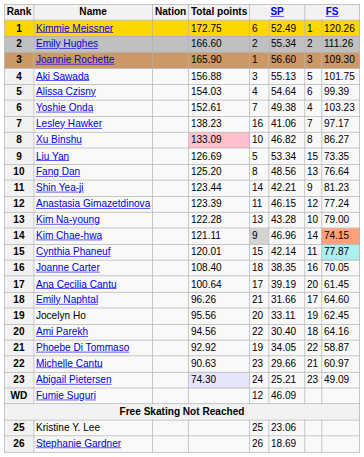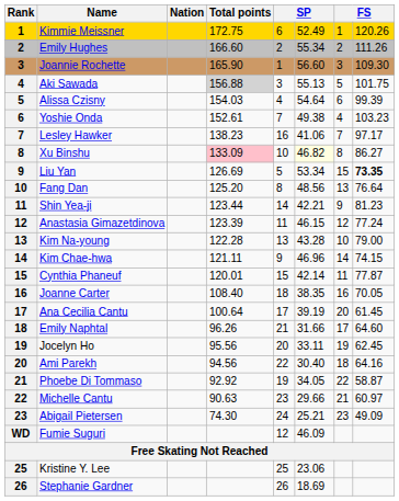 <table class="wikitable">
 <tr>
 <th>Rank</th>
 <th>Name</th>
 <th>Nation</th>
 <th>Total points</th>
 <th colspan="2" width="80px"><a href='#'>SP</a></th>
 <th colspan="2" width="80px"><a href='#'>FS</a></th>
 </tr>
 <tr bgcolor="gold">
 <td align="center"><strong>1</strong></td>
 <td><a href='#'>Kimmie Meissner</a></td>
 <td></td>
 <td>172.75</td>
 <td>6</td>
 <td>52.49</td>
 <td>1</td>
 <td>120.26</td>
 </tr>
 <tr bgcolor="silver">
 <td align="center"><strong>2</strong></td>
 <td><a href='#'>Emily Hughes</a></td>
 <td></td>
 <td>166.60</td>
 <td>2</td>
 <td>55.34</td>
 <td>2</td>
 <td>111.26</td>
 </tr>
 <tr bgcolor="cc9966">
 <td align="center"><strong>3</strong></td>
 <td><a href='#'>Joannie Rochette</a></td>
 <td></td>
 <td>165.90</td>
 <td>1</td>
 <td>56.60</td>
 <td>3</td>
 <td>109.30</td>
 </tr>
 <tr>
 <th>4</th>
 <td><a href='#'>Aki Sawada</a></td>
 <td></td>
-<td>156.88</td>
+<td style="background: lightgrey;">156.88</td>
 <td>3</td>
 <td>55.13</td>
 <td>5</td>
 <td>101.75</td>
 </tr>
 <tr>
 <th>5</th>
 <td><a href='#'>Alissa Czisny</a></td>
 <td></td>
 <td>154.03</td>
 <td>4</td>
 <td>54.64</td>
 <td>6</td>
 <td>99.39</td>
 </tr>
 <tr>
 <th>6</th>
 <td><a href='#'>Yoshie Onda</a></td>
 <td></td>
 <td>152.61</td>
 <td>7</td>
 <td>49.38</td>
 <td>4</td>
 <td>103.23</td>
 </tr>
 <tr>
 <th>7</th>
 <td><a href='#'>Lesley Hawker</a></td>
 <td></td>
 <td>138.23</td>
 <td>16</td>
 <td>41.06</td>
 <td>7</td>
 <td>97.17</td>
 </tr>
 <tr>
 <th>8</th>
 <td><a href='#'>Xu Binshu</a></td>
 <td></td>
 <td style="background: pink;">133.09</td>
 <td>10</td>
-<td>46.82</td>
+<td style="background: lightyellow;">46.82</td>
 <td>8</td>
 <td>86.27</td>
 </tr>
 <tr>
 <th>9</th>
 <td><a href='#'>Liu Yan</a></td>
 <td></td>
 <td>126.69</td>
 <td>5</td>
 <td>53.34</td>
 <td>15</td>
-<td>73.35</td>
+<td><strong>73.35</strong></td>
 </tr>
 <tr>
 <th>10</th>
 <td><a href='#'>Fang Dan</a></td>
 <td></td>
 <td>125.20</td>
 <td>8</td>
 <td>48.56</td>
 <td>13</td>
 <td>76.64</td>
 </tr>
 <tr>
 <th>11</th>
 <td><a href='#'>Shin Yea-ji</a></td>
 <td></td>
 <td>123.44</td>
 <td>14</td>
 <td>42.21</td>
 <td>9</td>
 <td>81.23</td>
 </tr>
 <tr>
 <th>12</th>
 <td><a href='#'>Anastasia Gimazetdinova</a></td>
 <td></td>
 <td>123.39</td>
 <td>11</td>
 <td>46.15</td>
 <td>12</td>
 <td>77.24</td>
 </tr>
 <tr>
 <th>13</th>
 <td><a href='#'>Kim Na-young</a></td>
 <td></td>
 <td>122.28</td>
 <td>13</td>
 <td>43.28</td>
 <td>10</td>
 <td>79.00</td>
 </tr>
 <tr>
 <th>14</th>
 <td><a href='#'>Kim Chae-hwa</a></td>
 <td></td>
 <td>121.11</td>
-<td style="background: lightgrey;">9</td>
+<td>9</td>
 <td>46.96</td>
 <td>14</td>
-<td style="background: lightsalmon;">74.15</td>
+<td>74.15</td>
 </tr>
 <tr>
 <th>15</th>
 <td><a href='#'>Cynthia Phaneuf</a></td>
 <td></td>
 <td>120.01</td>
 <td>15</td>
 <td>42.14</td>
 <td>11</td>
-<td style="background: paleturquoise;">77.87</td>
+<td>77.87</td>
 </tr>
 <tr>
 <th>16</th>
 <td><a href='#'>Joanne Carter</a></td>
 <td></td>
 <td>108.40</td>
 <td>18</td>
 <td>38.35</td>
 <td>16</td>
 <td>70.05</td>
 </tr>
 <tr>
 <th>17</th>
 <td><a href='#'>Ana Cecilia Cantu</a></td>
 <td></td>
 <td>100.64</td>
 <td>17</td>
 <td>39.19</td>
 <td>20</td>
 <td>61.45</td>
 </tr>
 <tr>
 <th>18</th>
 <td><a href='#'>Emily Naphtal</a></td>
 <td></td>
 <td>96.26</td>
 <td>21</td>
 <td>31.66</td>
 <td>17</td>
 <td>64.60</td>
 </tr>
 <tr>
 <th>19</th>
 <td>Jocelyn Ho</td>
 <td></td>
 <td>95.56</td>
 <td>20</td>
 <td>33.11</td>
 <td>19</td>
 <td>62.45</td>
 </tr>
 <tr>
 <th>20</th>
 <td><a href='#'>Ami Parekh</a></td>
 <td></td>
 <td>94.56</td>
 <td>22</td>
 <td>30.40</td>
 <td>18</td>
 <td>64.16</td>
 </tr>
 <tr>
 <th>21</th>
 <td><a href='#'>Phoebe Di Tommaso</a></td>
 <td></td>
 <td>92.92</td>
 <td>19</td>
 <td>34.05</td>
 <td>22</td>
 <td>58.87</td>
 </tr>
 <tr>
 <th>22</th>
 <td><a href='#'>Michelle Cantu</a></td>
 <td></td>
 <td>90.63</td>
 <td>23</td>
 <td>29.66</td>
 <td>21</td>
 <td>60.97</td>
 </tr>
 <tr>
 <th>23</th>
 <td><a href='#'>Abigail Pietersen</a></td>
 <td></td>
-<td style="background: lavender;">74.30</td>
+<td>74.30</td>
 <td>24</td>
 <td>25.21</td>
 <td>23</td>
 <td>49.09</td>
 </tr>
 <tr>
 <th>WD</th>
 <td><a href='#'>Fumie Suguri</a></td>
 <td></td>
 <td></td>
 <td>12</td>
 <td>46.09</td>
 <td></td>
 <td></td>
 </tr>
 <tr>
 <th colspan=8>Free Skating Not Reached</th>
 </tr>
 <tr>
 <th>25</th>
 <td>Kristine Y. Lee</td>
 <td></td>
 <td></td>
 <td>25</td>
 <td>23.06</td>
 <td></td>
 <td></td>
 </tr>
 <tr>
 <th>26</th>
 <td><a href='#'>Stephanie Gardner</a></td>
 <td></td>
 <td></td>
 <td>26</td>
 <td>18.69</td>
 <td></td>
 <td></td>
 </tr>
 </table>
